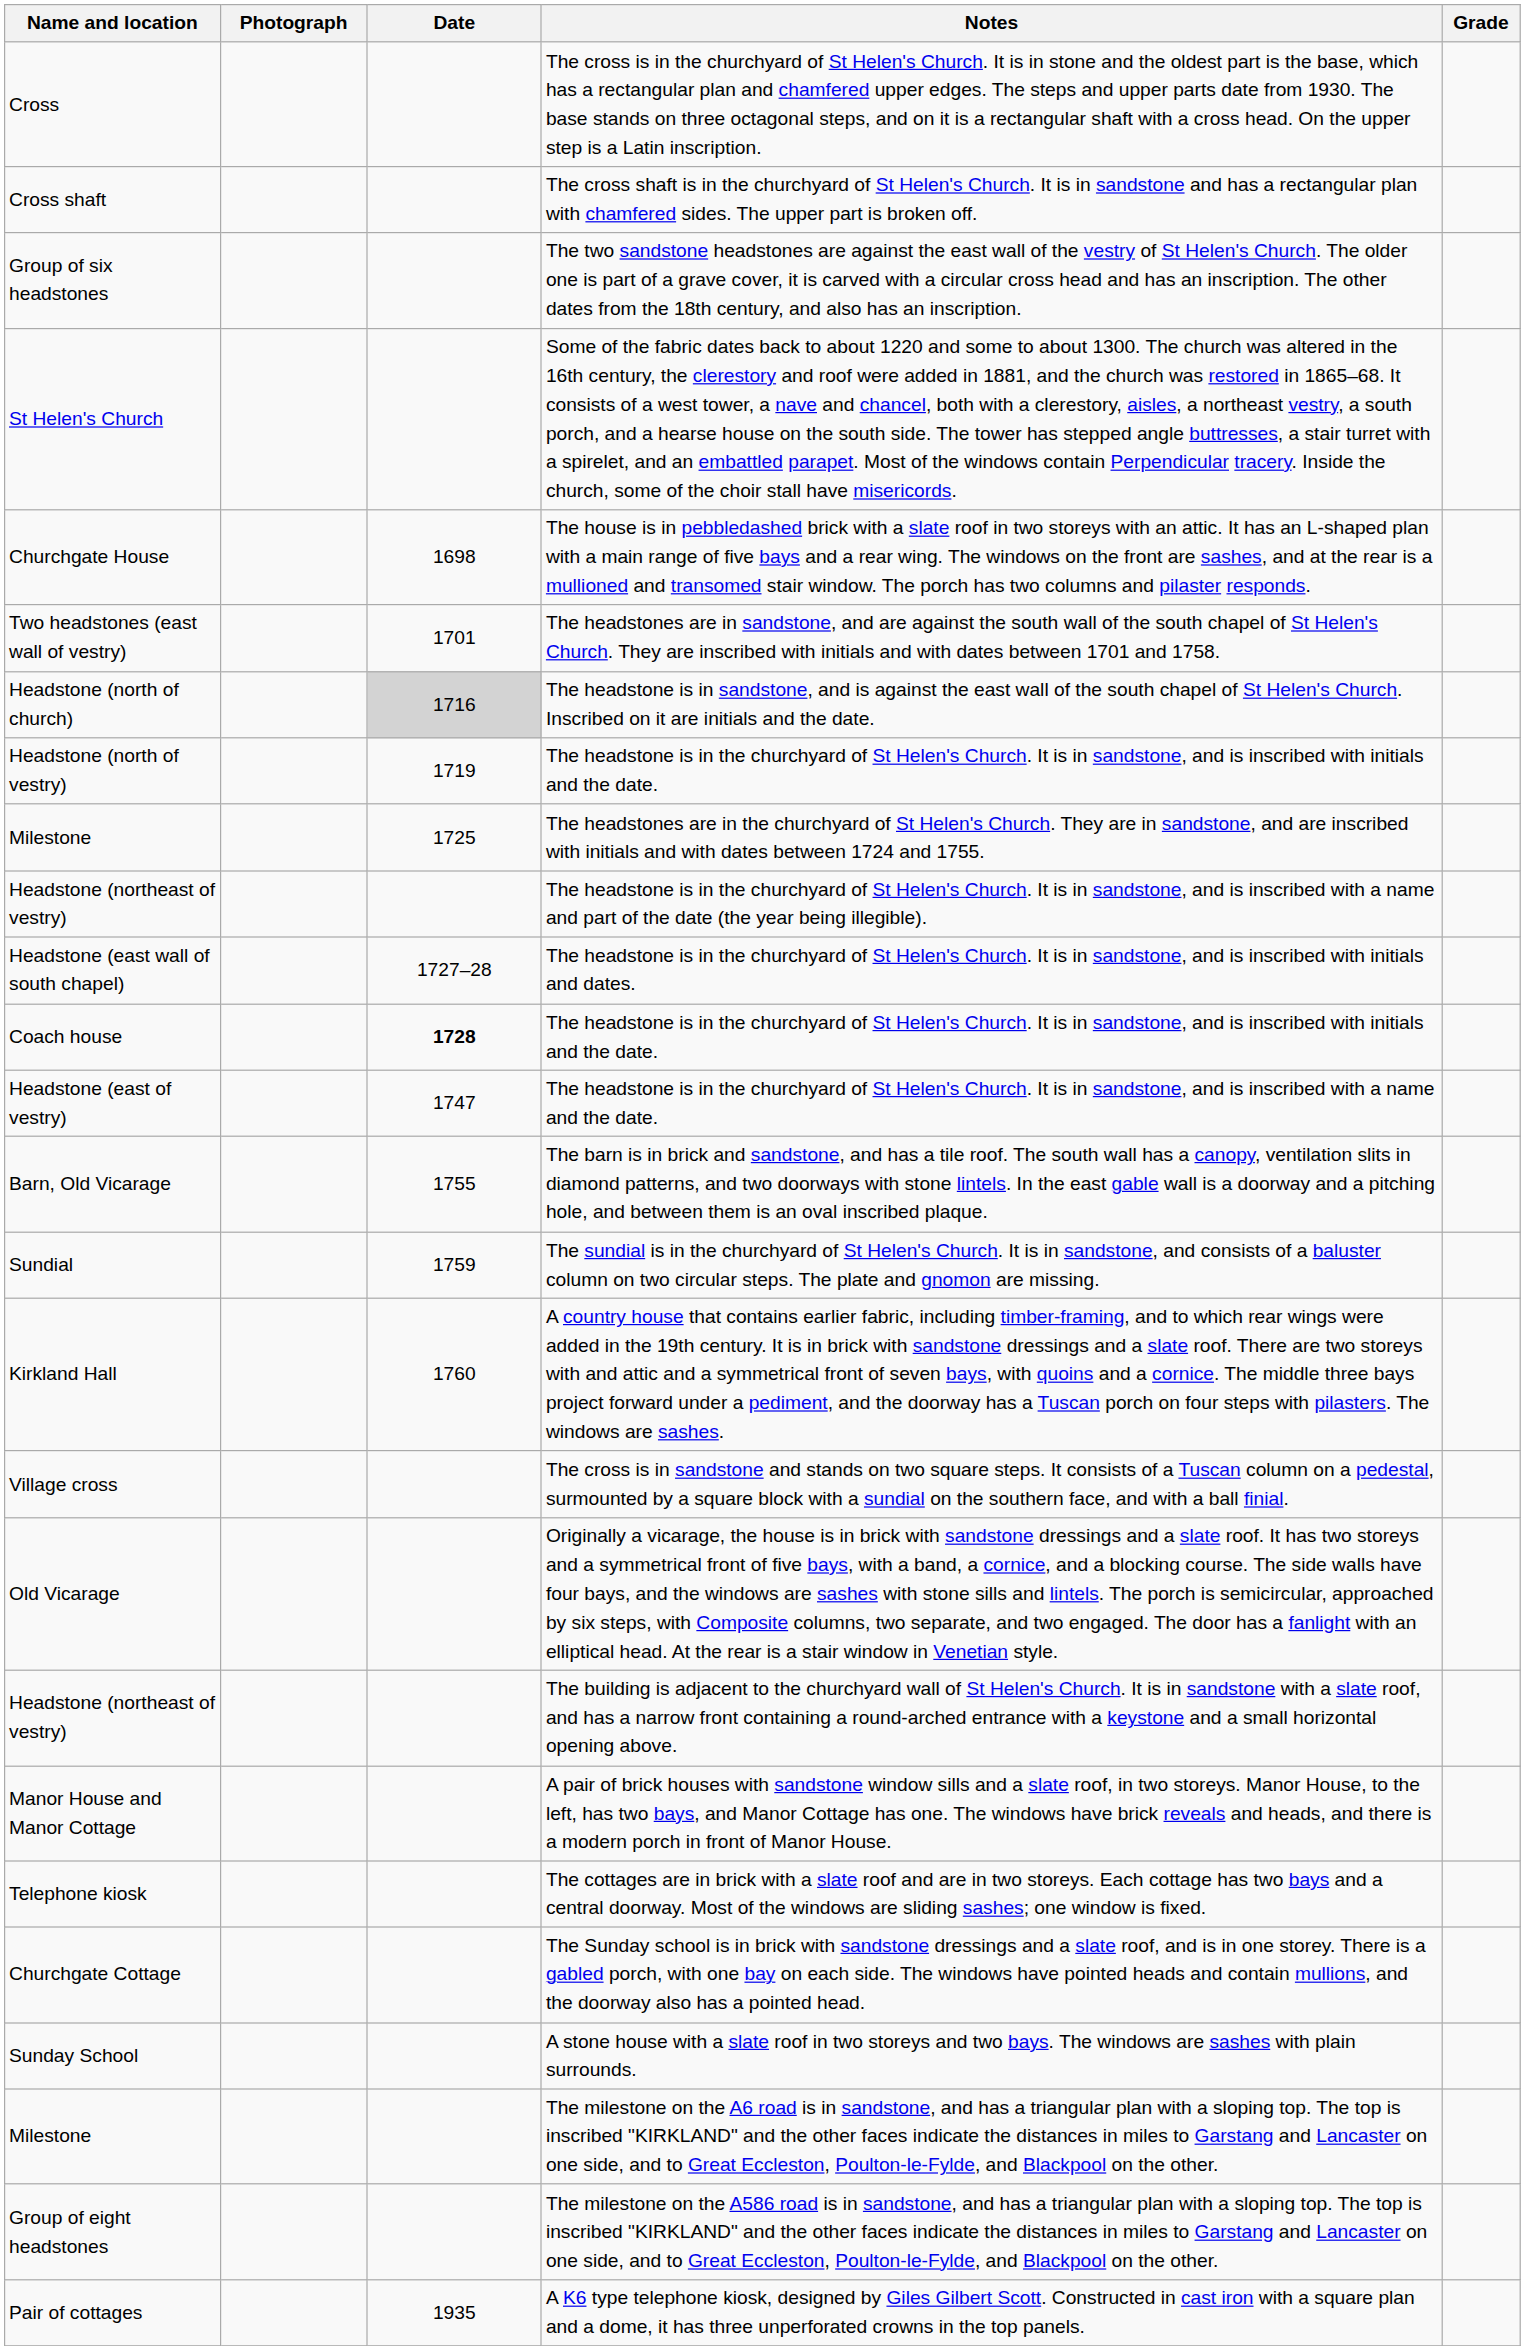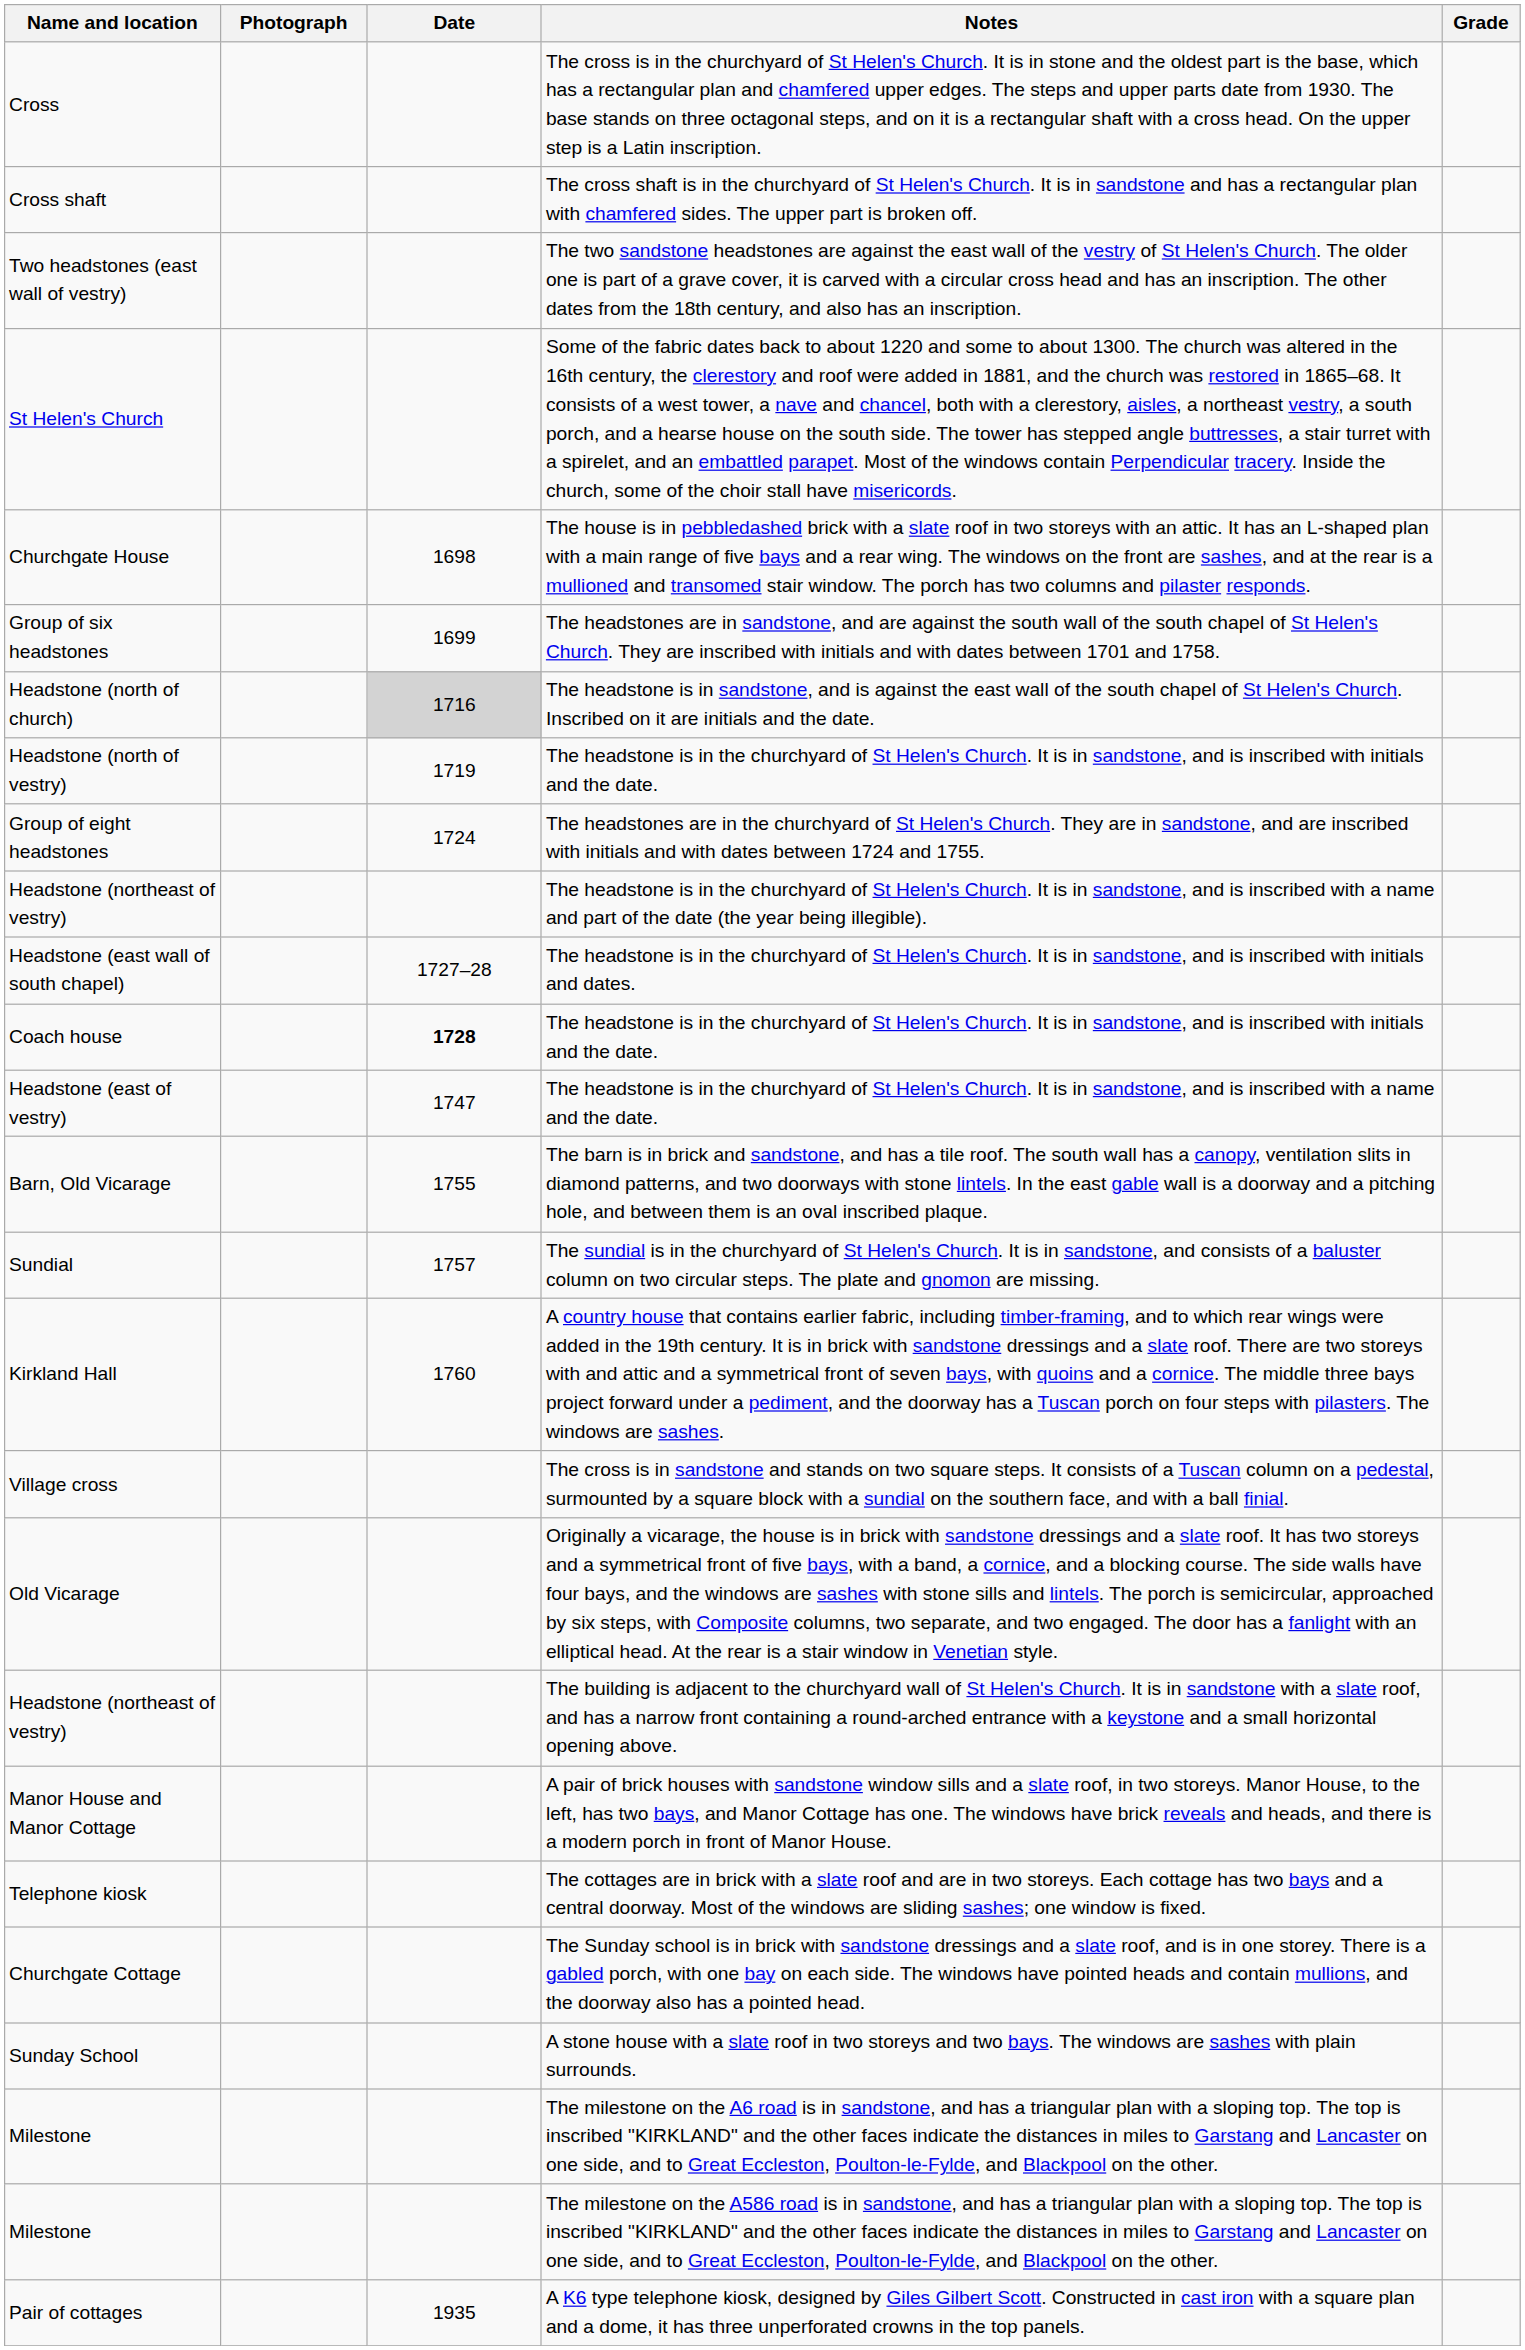 <table class="wikitable sortable plainrowheaders" style="width:100%;border:0px;text-align:left;line-height:150%;">
 <tr>
 <th scope="col"  style="width:150px">Name and location</th>
 <th scope="col"  style="width:100px" class="unsortable">Photograph</th>
 <th scope="col"  style="width:120px">Date</th>
 <th scope="col"  style="width:650px" class="unsortable">Notes</th>
 <th scope="col"  style="width:50px">Grade</th>
 </tr>
 <tr>
 <td>Cross<br><small></small></td>
 <td></td>
 <td align="center"></td>
 <td>The cross is in the churchyard of <a href='#'>St Helen's Church</a>.  It is in stone and the oldest part is the base, which has a rectangular plan and <a href='#'>chamfered</a> upper edges.  The steps and upper parts date from 1930.  The base stands on three octagonal steps, and on it is a rectangular shaft with a cross head.  On the upper step is a Latin inscription.</td>
 <td align="center" ></td>
 </tr>
 <tr>
 <td>Cross shaft<br><small></small></td>
 <td></td>
 <td align="center"></td>
 <td>The cross shaft is in the churchyard of <a href='#'>St Helen's Church</a>.  It is in <a href='#'>sandstone</a> and has a rectangular plan with <a href='#'>chamfered</a> sides.  The upper part is broken off.</td>
 <td align="center" ></td>
 </tr>
 <tr>
-<td>Group of six headstones<br><small></small></td>
+<td>Two headstones (east wall of vestry)<br><small></small></td>
 <td></td>
 <td align="center"></td>
 <td>The two <a href='#'>sandstone</a> headstones are against the east wall of the <a href='#'>vestry</a> of <a href='#'>St Helen's Church</a>.  The older one is part of a grave cover, it is carved with a circular cross head and has an inscription.  The other dates from the 18th century, and also has an inscription.</td>
 <td align="center" ></td>
 </tr>
 <tr>
 <td><a href='#'>St Helen's Church</a><br><small></small></td>
 <td></td>
 <td align="center"></td>
 <td>Some of the fabric dates back to about 1220 and some to about 1300.  The church was altered in the 16th century, the <a href='#'>clerestory</a> and roof were added in 1881, and the church was <a href='#'>restored</a> in 1865–68.  It consists of a west tower, a <a href='#'>nave</a> and <a href='#'>chancel</a>, both with a clerestory, <a href='#'>aisles</a>, a northeast <a href='#'>vestry</a>, a south porch, and a hearse house on the south side.  The tower has stepped angle <a href='#'>buttresses</a>, a stair turret with a spirelet, and an <a href='#'>embattled</a> <a href='#'>parapet</a>.  Most of the windows contain <a href='#'>Perpendicular</a> <a href='#'>tracery</a>.  Inside the church, some of the choir stall have <a href='#'>misericords</a>.</td>
 <td align="center" ></td>
 </tr>
 <tr>
 <td>Churchgate House<br><small></small></td>
 <td></td>
 <td align="center">1698</td>
 <td>The house is in <a href='#'>pebbledashed</a> brick with a <a href='#'>slate</a> roof in two storeys with an attic. It has an L-shaped plan with a main range of five <a href='#'>bays</a> and a rear wing.  The windows on the front are <a href='#'>sashes</a>, and at the rear is a <a href='#'>mullioned</a> and <a href='#'>transomed</a> stair window.  The porch has two columns and <a href='#'>pilaster</a> <a href='#'>responds</a>.</td>
 <td align="center" ></td>
 </tr>
 <tr>
-<td>Two headstones (east wall of vestry)<br><small></small></td>
+<td>Group of six headstones<br><small></small></td>
 <td></td>
-<td align="center">1701</td>
+<td align="center">1699</td>
 <td>The headstones are in <a href='#'>sandstone</a>, and are against the south wall of the south chapel of <a href='#'>St Helen's Church</a>.  They are inscribed with initials and with dates between 1701 and 1758.</td>
 <td align="center" ></td>
 </tr>
 <tr>
 <td>Headstone (north of church)<br><small></small></td>
 <td></td>
 <td align="center" style="background: lightgrey;">1716</td>
 <td>The headstone is in <a href='#'>sandstone</a>, and is against the east wall of the south chapel of <a href='#'>St Helen's Church</a>.  Inscribed on it are initials and the date.</td>
 <td align="center" ></td>
 </tr>
 <tr>
 <td>Headstone (north of vestry)<br><small></small></td>
 <td></td>
 <td align="center">1719</td>
 <td>The headstone is in the churchyard of <a href='#'>St Helen's Church</a>.  It is in <a href='#'>sandstone</a>, and is inscribed with initials and the date.</td>
 <td align="center" ></td>
 </tr>
 <tr>
-<td>Milestone<br><small></small></td>
+<td>Group of eight headstones<br><small></small></td>
 <td></td>
-<td align="center">1725</td>
+<td align="center">1724</td>
 <td>The headstones are in the churchyard of <a href='#'>St Helen's Church</a>.  They are in <a href='#'>sandstone</a>, and are inscribed with initials and with dates between 1724 and 1755.</td>
 <td align="center" ></td>
 </tr>
 <tr>
 <td>Headstone (northeast of vestry)<br><small></small></td>
 <td></td>
 <td align="center"></td>
 <td>The headstone is in the churchyard of <a href='#'>St Helen's Church</a>.  It is in <a href='#'>sandstone</a>, and is inscribed with a name and part of the date (the year being illegible).</td>
 <td align="center" ></td>
 </tr>
 <tr>
 <td>Headstone (east wall of south chapel)<br><small></small></td>
 <td></td>
 <td align="center">1727–28</td>
 <td>The headstone is in the churchyard of <a href='#'>St Helen's Church</a>.  It is in <a href='#'>sandstone</a>, and is inscribed with initials and dates.</td>
 <td align="center" ></td>
 </tr>
 <tr>
 <td>Coach house<br><small></small></td>
 <td></td>
 <td align="center"><strong>1728</strong></td>
 <td>The headstone is in the churchyard of <a href='#'>St Helen's Church</a>.  It is in <a href='#'>sandstone</a>, and is inscribed with initials and the date.</td>
 <td align="center" ></td>
 </tr>
 <tr>
 <td>Headstone (east of vestry)<br><small></small></td>
 <td></td>
 <td align="center">1747</td>
 <td>The headstone is in the churchyard of <a href='#'>St Helen's Church</a>.  It is in <a href='#'>sandstone</a>, and is inscribed with a name and the date.</td>
 <td align="center" ></td>
 </tr>
 <tr>
 <td>Barn, Old Vicarage<br><small></small></td>
 <td></td>
 <td align="center">1755</td>
 <td>The barn is in brick and <a href='#'>sandstone</a>, and has a tile roof.  The south wall has a <a href='#'>canopy</a>, ventilation slits in diamond patterns, and two doorways with stone <a href='#'>lintels</a>. In the east <a href='#'>gable</a> wall is a doorway and a pitching hole, and between them is an oval inscribed plaque.</td>
 <td align="center" ></td>
 </tr>
 <tr>
 <td>Sundial<br><small></small></td>
 <td></td>
-<td align="center">1759</td>
+<td align="center">1757</td>
 <td>The <a href='#'>sundial</a> is in the churchyard of <a href='#'>St Helen's Church</a>.  It is in <a href='#'>sandstone</a>, and consists of a <a href='#'>baluster</a> column on two circular steps.  The plate and <a href='#'>gnomon</a> are missing.</td>
 <td align="center" ></td>
 </tr>
 <tr>
 <td>Kirkland Hall<br><small></small></td>
 <td></td>
 <td align="center">1760</td>
 <td>A <a href='#'>country house</a> that contains earlier fabric, including <a href='#'>timber-framing</a>, and to which rear wings were added in the 19th century.  It is in brick with <a href='#'>sandstone</a> dressings and a <a href='#'>slate</a> roof.  There are two storeys with and attic and a symmetrical front of seven <a href='#'>bays</a>, with <a href='#'>quoins</a> and a <a href='#'>cornice</a>.  The middle three bays project forward under a <a href='#'>pediment</a>, and the doorway has a <a href='#'>Tuscan</a> porch on four steps with <a href='#'>pilasters</a>.  The windows are <a href='#'>sashes</a>.</td>
 <td align="center" ></td>
 </tr>
 <tr>
 <td>Village cross<br><small></small></td>
 <td></td>
 <td align="center"></td>
 <td>The cross is in <a href='#'>sandstone</a> and stands on two square steps.  It consists of a <a href='#'>Tuscan</a> column on a <a href='#'>pedestal</a>, surmounted by a square block with a <a href='#'>sundial</a> on the southern face, and with a ball <a href='#'>finial</a>.</td>
 <td align="center" ></td>
 </tr>
 <tr>
 <td>Old Vicarage<br><small></small></td>
 <td></td>
 <td align="center"></td>
 <td>Originally a vicarage, the house is in brick with <a href='#'>sandstone</a> dressings and a <a href='#'>slate</a> roof.  It has two storeys and a symmetrical front of five <a href='#'>bays</a>, with a band, a <a href='#'>cornice</a>, and a blocking course.  The side walls have four bays, and the windows are <a href='#'>sashes</a> with stone sills and <a href='#'>lintels</a>.  The porch is semicircular, approached by six steps, with <a href='#'>Composite</a> columns, two separate, and two engaged.  The door has a <a href='#'>fanlight</a> with an elliptical head.  At the rear is a stair window in <a href='#'>Venetian</a> style.</td>
 <td align="center" ></td>
 </tr>
 <tr>
 <td>Headstone (northeast of vestry)<br><small></small></td>
 <td></td>
 <td align="center"></td>
 <td>The building is adjacent to the churchyard wall of <a href='#'>St Helen's Church</a>.  It is in <a href='#'>sandstone</a> with a <a href='#'>slate</a> roof, and has a narrow front containing a round-arched entrance with a <a href='#'>keystone</a> and a small horizontal opening above.</td>
 <td align="center" ></td>
 </tr>
 <tr>
 <td>Manor House and Manor Cottage<br><small></small></td>
 <td></td>
 <td align="center"></td>
 <td>A pair of brick houses with <a href='#'>sandstone</a> window sills and a <a href='#'>slate</a> roof, in two storeys.  Manor House, to the left, has two <a href='#'>bays</a>, and Manor Cottage has one.  The windows have brick <a href='#'>reveals</a> and heads, and there is a modern porch in front of Manor House.</td>
 <td align="center" ></td>
 </tr>
 <tr>
 <td>Telephone kiosk<br><small></small></td>
 <td></td>
 <td align="center"></td>
 <td>The cottages are in brick with a <a href='#'>slate</a> roof and are in two storeys.  Each cottage has two <a href='#'>bays</a> and a central doorway.  Most of the windows are sliding <a href='#'>sashes</a>; one window is fixed.</td>
 <td align="center" ></td>
 </tr>
 <tr>
 <td>Churchgate Cottage<br><small></small></td>
 <td></td>
 <td align="center"></td>
 <td>The Sunday school is in brick with <a href='#'>sandstone</a> dressings and a <a href='#'>slate</a> roof, and is in one storey.  There is a <a href='#'>gabled</a> porch, with one <a href='#'>bay</a> on each side.  The windows have pointed heads and contain <a href='#'>mullions</a>, and the doorway also has a pointed head.</td>
 <td align="center" ></td>
 </tr>
 <tr>
 <td>Sunday School<br><small></small></td>
 <td></td>
 <td align="center"></td>
 <td>A stone house with a <a href='#'>slate</a> roof in two storeys and two <a href='#'>bays</a>.  The windows are <a href='#'>sashes</a> with plain surrounds.</td>
 <td align="center" ></td>
 </tr>
 <tr>
 <td>Milestone<br><small></small></td>
 <td></td>
 <td align="center"></td>
 <td>The milestone on the <a href='#'>A6 road</a> is in <a href='#'>sandstone</a>, and has a triangular plan with a sloping top.  The top is inscribed "KIRKLAND" and the other faces indicate the distances in miles to <a href='#'>Garstang</a> and <a href='#'>Lancaster</a> on one side, and to <a href='#'>Great Eccleston</a>, <a href='#'>Poulton-le-Fylde</a>, and <a href='#'>Blackpool</a> on the other.</td>
 <td align="center" ></td>
 </tr>
 <tr>
-<td>Group of eight headstones<br><small></small></td>
+<td>Milestone<br><small></small></td>
 <td></td>
 <td align="center"></td>
 <td>The milestone on the <a href='#'>A586 road</a> is in <a href='#'>sandstone</a>, and has a triangular plan with a sloping top.  The top is inscribed "KIRKLAND" and the other faces indicate the distances in miles to <a href='#'>Garstang</a> and <a href='#'>Lancaster</a> on one side, and to <a href='#'>Great Eccleston</a>, <a href='#'>Poulton-le-Fylde</a>, and <a href='#'>Blackpool</a> on the other.</td>
 <td align="center" ></td>
 </tr>
 <tr>
 <td>Pair of cottages<br><small></small></td>
 <td></td>
 <td align="center">1935</td>
 <td>A <a href='#'>K6</a> type telephone kiosk, designed by <a href='#'>Giles Gilbert Scott</a>.  Constructed in <a href='#'>cast iron</a> with a square plan and a dome, it has three unperforated crowns in the top panels.</td>
 <td align="center" ></td>
 </tr>
 <tr>
 </tr>
 </table>
